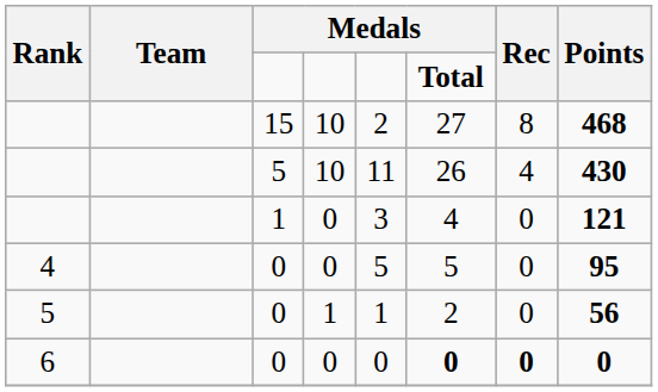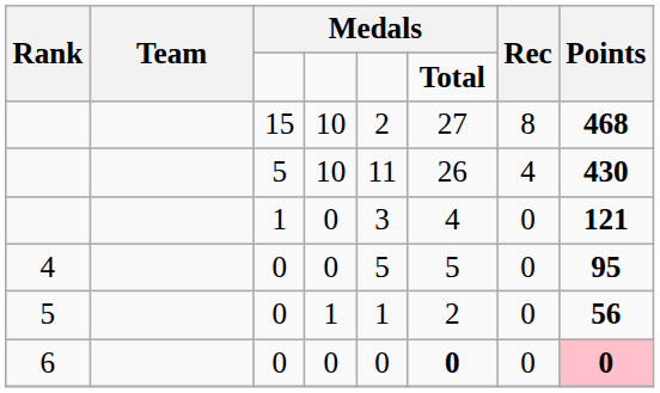 <table class="wikitable">
 <tr>
 <th rowspan=2>Rank</th>
 <th style="width:80px;" rowspan="2">Team</th>
 <th colspan=4>Medals</th>
 <th rowspan=2>Rec</th>
 <th rowspan=2>Points</th>
 </tr>
 <tr style="text-align:center;">
 <td style="width:20px; "></td>
 <td style="width:20px; "></td>
 <td style="width:20px; "></td>
 <td style="width:40px; "><strong>Total</strong></td>
 </tr>
 <tr>
 <td align=center></td>
 <td></td>
 <td align=center>15</td>
 <td align=center>10</td>
 <td align=center>2</td>
 <td align=center>27</td>
 <td align=center>8</td>
 <td align=center><strong>468</strong></td>
 </tr>
 <tr>
 <td align=center></td>
 <td></td>
 <td align=center>5</td>
 <td align=center>10</td>
 <td align=center>11</td>
 <td align=center>26</td>
 <td align=center>4</td>
 <td align=center><strong>430</strong></td>
 </tr>
 <tr>
 <td align=center></td>
 <td></td>
 <td align=center>1</td>
 <td align=center>0</td>
 <td align=center>3</td>
 <td align=center>4</td>
 <td align=center>0</td>
 <td align=center><strong>121</strong></td>
 </tr>
 <tr>
 <td align=center>4</td>
 <td></td>
 <td align=center>0</td>
 <td align=center>0</td>
 <td align=center>5</td>
 <td align=center>5</td>
 <td align=center>0</td>
 <td align=center><strong>95</strong></td>
 </tr>
 <tr>
 <td align=center>5</td>
 <td></td>
 <td align=center>0</td>
 <td align=center>1</td>
 <td align=center>1</td>
 <td align=center>2</td>
 <td align=center>0</td>
 <td align=center><strong>56</strong></td>
 </tr>
 <tr>
 <td align=center>6</td>
 <td></td>
 <td align=center>0</td>
 <td align=center>0</td>
 <td align=center>0</td>
 <td align=center><strong>0</strong></td>
-<td align=center><strong>0</strong></td>
-<td align=center><strong>0</strong></td>
+<td align=center>0</td>
+<td align=center style="background: pink;"><strong>0</strong></td>
 </tr>
 <tr>
 </tr>
 </table>
